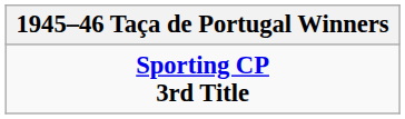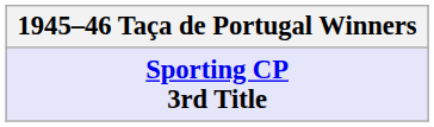 <table class="wikitable" style="text-align: center; margin: 0 auto; width: 20%">
 <tr>
 <th>1945–46 Taça de Portugal Winners</th>
 </tr>
 <tr>
-<td><strong><a href='#'>Sporting CP</a></strong><br><strong>3rd Title</strong></td>
+<td style="background: lavender;"><strong><a href='#'>Sporting CP</a></strong><br><strong>3rd Title</strong></td>
 </tr>
 </table>
